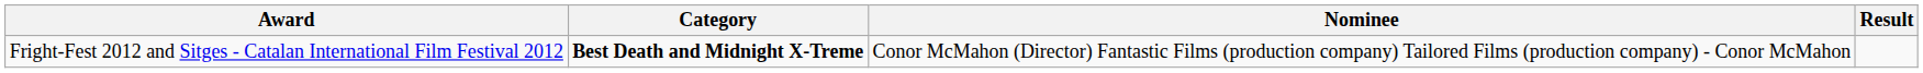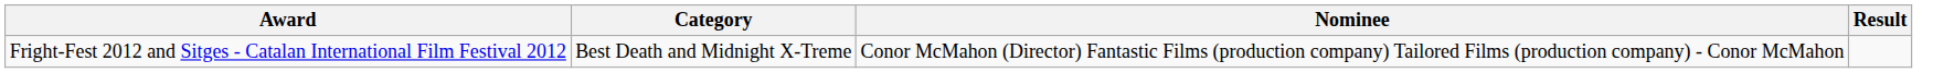 <table class="wikitable sortable">
 <tr>
 <th>Award</th>
 <th>Category</th>
 <th>Nominee</th>
 <th>Result</th>
 </tr>
 <tr>
 <td rowspan="2">Fright-Fest 2012 and <a href='#'>Sitges - Catalan International Film Festival 2012</a></td>
-<td><strong>Best Death and Midnight X-Treme</strong></td>
+<td>Best Death and Midnight X-Treme</td>
 <td>Conor McMahon (Director) Fantastic Films (production company) Tailored Films (production company) - Conor McMahon</td>
 <td></td>
 </tr>
 </table>
